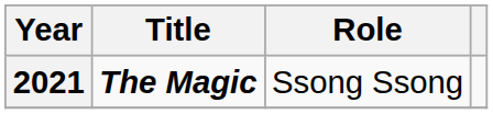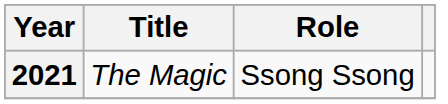 <table class="wikitable sortable plainrowheaders">
 <tr>
 <th scope="col">Year</th>
 <th scope="col">Title</th>
 <th scope="col">Role</th>
 <th scope="col" class="unsortable"></th>
 </tr>
 <tr>
 <th scope="row">2021</th>
-<td><strong><em>The Magic</em></strong></td>
+<td><em>The Magic</em></td>
 <td>Ssong Ssong</td>
 <td></td>
 </tr>
 <tr>
 </tr>
 </table>
